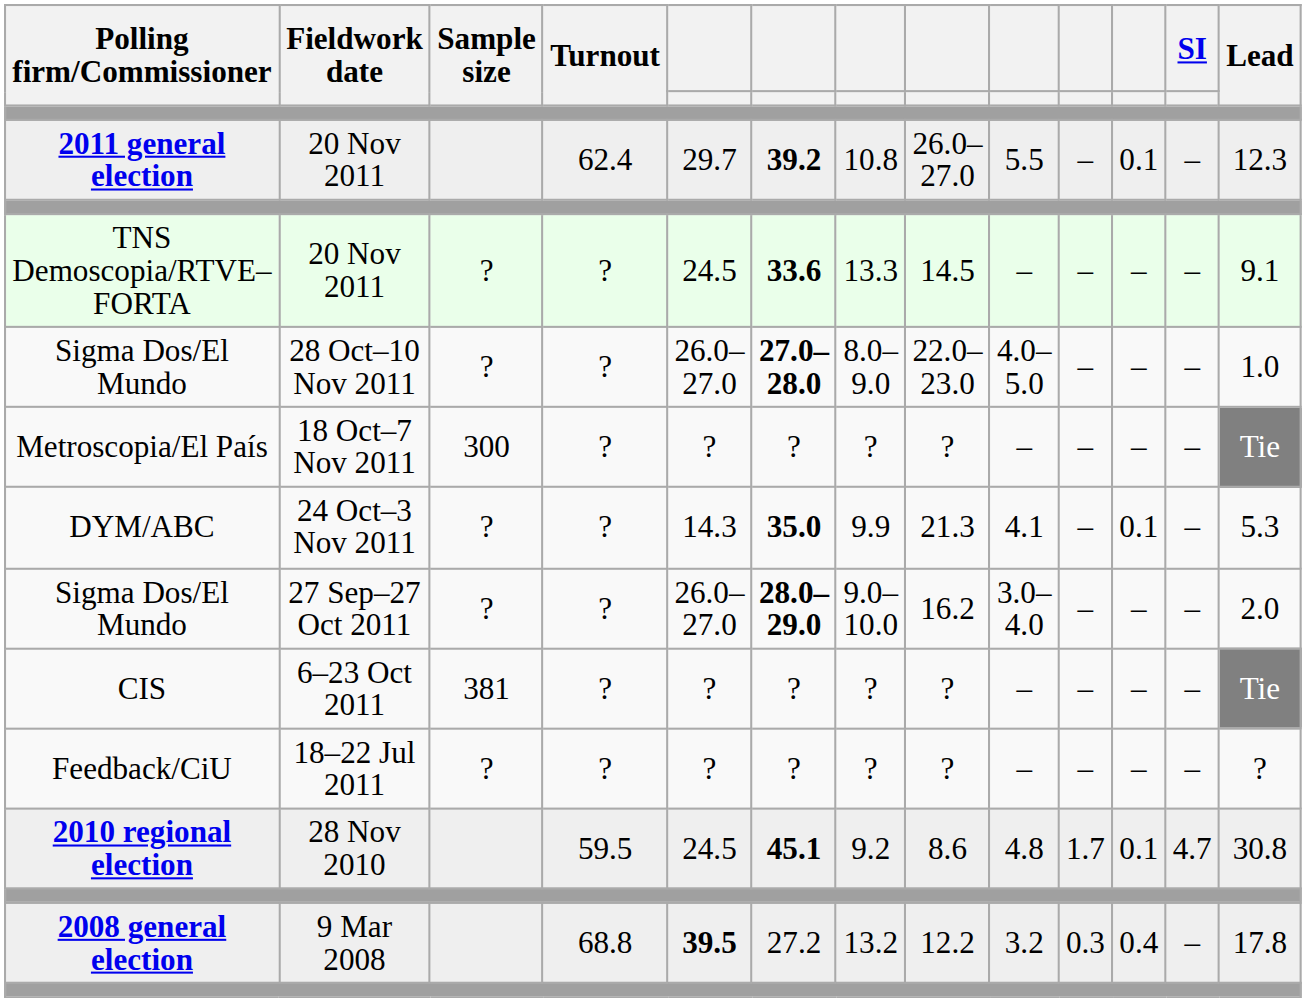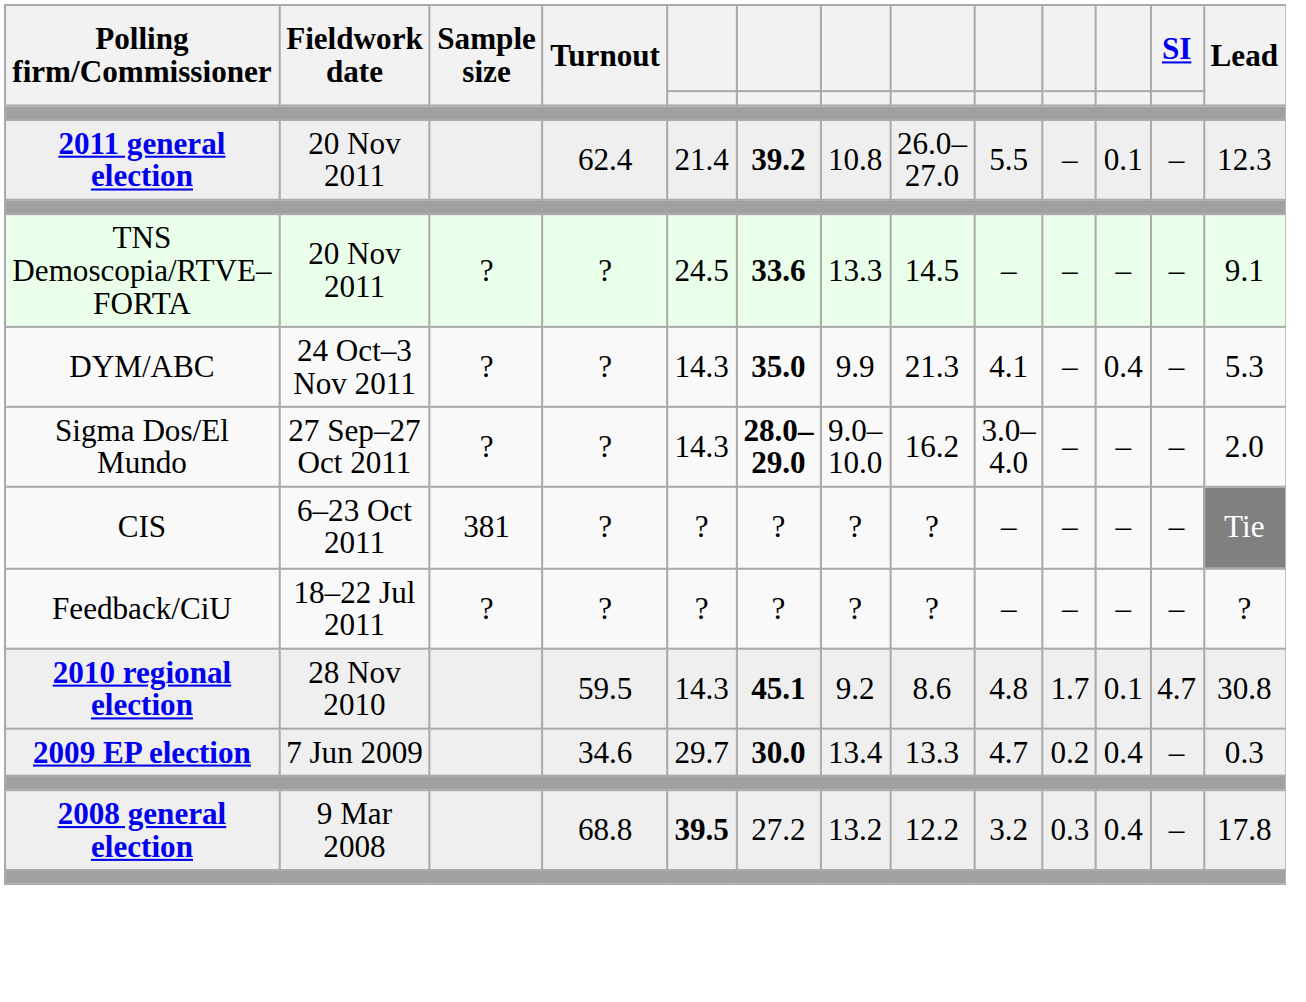 <table class="wikitable collapsible collapsed" style="text-align:center; font-size:95%; line-height:16px;">
 <tr style="height:42px;">
 <th style="width:250px;" rowspan="2">Polling firm/Commissioner</th>
 <th style="width:125px;" rowspan="2">Fieldwork date</th>
 <th style="width:50px;" rowspan="2">Sample size</th>
 <th style="width:45px;" rowspan="2">Turnout</th>
 <th style="width:35px;"></th>
 <th style="width:35px;"></th>
 <th style="width:35px;"></th>
 <th style="width:35px;"></th>
 <th style="width:35px;"></th>
 <th style="width:35px;"></th>
 <th style="width:35px;"></th>
 <th style="width:35px;"><a href='#'>SI</a></th>
 <th style="width:30px;" rowspan="2">Lead</th>
 </tr>
 <tr>
 <th style="color:inherit;background:"></th>
 <th style="color:inherit;background:"></th>
 <th style="color:inherit;background:"></th>
 <th style="color:inherit;background:"></th>
 <th style="color:inherit;background:"></th>
 <th style="color:inherit;background:"></th>
 <th style="color:inherit;background:"></th>
 <th style="color:inherit;background:"></th>
 </tr>
 <tr>
 <td colspan="13" style="background:#A0A0A0"></td>
 </tr>
 <tr style="background:#EFEFEF;">
 <td><strong><a href='#'>2011 general election</a></strong></td>
 <td>20 Nov 2011</td>
 <td></td>
 <td>62.4</td>
-<td>29.7<br></td>
+<td>21.4<br></td>
 <td><strong>39.2</strong><br></td>
 <td>10.8<br></td>
 <td>26.0–<br>27.0<br></td>
 <td>5.5<br></td>
 <td>–</td>
 <td>0.1<br></td>
 <td>–</td>
 <td style="background:">12.3</td>
 </tr>
 <tr>
 <td colspan="13" style="background:#A0A0A0"></td>
 </tr>
 <tr style="background:#EAFFEA;">
 <td>TNS Demoscopia/RTVE–FORTA</td>
 <td>20 Nov 2011</td>
 <td>?</td>
 <td>?</td>
 <td>24.5<br></td>
 <td><strong>33.6</strong><br></td>
 <td>13.3<br></td>
 <td>14.5<br></td>
 <td>–</td>
 <td>–</td>
 <td>–</td>
 <td>–</td>
 <td style="background:">9.1</td>
 </tr>
 <tr>
-<td>Sigma Dos/El Mundo</td>
-<td>28 Oct–10 Nov 2011</td>
-<td>?</td>
-<td>?</td>
-<td>26.0–<br>27.0<br></td>
-<td><strong>27.0–<br>28.0</strong><br></td>
-<td>8.0–<br>9.0<br></td>
-<td>22.0–<br>23.0<br></td>
-<td>4.0–<br>5.0<br></td>
-<td>–</td>
-<td>–</td>
-<td>–</td>
-<td style="background:">1.0</td>
-</tr>
-<tr>
-<td>Metroscopia/El País</td>
-<td>18 Oct–7 Nov 2011</td>
-<td>300</td>
-<td>?</td>
-<td>?<br></td>
-<td>?<br></td>
-<td>?<br></td>
-<td>?<br></td>
-<td>–</td>
-<td>–</td>
-<td>–</td>
-<td>–</td>
-<td style="background:gray; color:white;">Tie</td>
-</tr>
-<tr>
 <td>DYM/ABC</td>
 <td>24 Oct–3 Nov 2011</td>
 <td>?</td>
 <td>?</td>
 <td>14.3<br></td>
 <td><strong>35.0</strong><br></td>
 <td>9.9<br></td>
 <td>21.3<br></td>
 <td>4.1<br></td>
 <td>–</td>
-<td>0.1<br></td>
+<td>0.4<br></td>
 <td>–</td>
 <td style="background:">5.3</td>
 </tr>
 <tr>
 <td>Sigma Dos/El Mundo</td>
 <td>27 Sep–27 Oct 2011</td>
 <td>?</td>
 <td>?</td>
-<td>26.0–<br>27.0<br></td>
+<td>14.3<br></td>
 <td><strong>28.0–<br>29.0</strong><br></td>
 <td>9.0–<br>10.0<br></td>
 <td>16.2<br></td>
 <td>3.0–<br>4.0<br></td>
 <td>–</td>
 <td>–</td>
 <td>–</td>
 <td style="background:">2.0</td>
 </tr>
 <tr>
 <td>CIS</td>
 <td>6–23 Oct 2011</td>
 <td>381</td>
 <td>?</td>
 <td>?<br></td>
 <td>?<br></td>
 <td>?<br></td>
 <td>?<br></td>
 <td>–</td>
 <td>–</td>
 <td>–</td>
 <td>–</td>
 <td style="background:gray; color:white;">Tie</td>
 </tr>
 <tr>
 <td>Feedback/CiU</td>
 <td>18–22 Jul 2011</td>
 <td>?</td>
 <td>?</td>
 <td>?<br></td>
 <td>?<br></td>
 <td>?<br></td>
 <td>?<br></td>
 <td>–</td>
 <td>–</td>
 <td>–</td>
 <td>–</td>
 <td style="background:">?</td>
 </tr>
 <tr style="background:#EFEFEF;">
 <td><strong><a href='#'>2010 regional election</a></strong></td>
 <td>28 Nov 2010</td>
 <td></td>
 <td>59.5</td>
-<td>24.5<br></td>
+<td>14.3<br></td>
 <td><strong>45.1</strong><br></td>
 <td>9.2<br></td>
 <td>8.6<br></td>
 <td>4.8<br></td>
 <td>1.7<br></td>
 <td>0.1<br></td>
 <td>4.7<br></td>
 <td style="background:">30.8</td>
+</tr>
+<tr style="background:#EFEFEF;">
+<td><strong><a href='#'>2009 EP election</a></strong></td>
+<td>7 Jun 2009</td>
+<td></td>
+<td>34.6</td>
+<td>29.7<br></td>
+<td><strong>30.0</strong><br></td>
+<td>13.4<br></td>
+<td>13.3<br></td>
+<td>4.7<br></td>
+<td>0.2<br></td>
+<td>0.4<br></td>
+<td>–</td>
+<td style="background:">0.3</td>
 </tr>
 <tr>
 <td colspan="13" style="background:#A0A0A0"></td>
 </tr>
 <tr style="background:#EFEFEF;">
 <td><strong><a href='#'>2008 general election</a></strong></td>
 <td>9 Mar 2008</td>
 <td></td>
 <td>68.8</td>
 <td><strong>39.5</strong><br></td>
 <td>27.2<br></td>
 <td>13.2<br></td>
 <td>12.2<br></td>
 <td>3.2<br></td>
 <td>0.3<br></td>
 <td>0.4<br></td>
 <td>–</td>
 <td style="background:">17.8</td>
 </tr>
 <tr>
 <td colspan="13" style="background:#A0A0A0"></td>
 </tr>
 </table>
